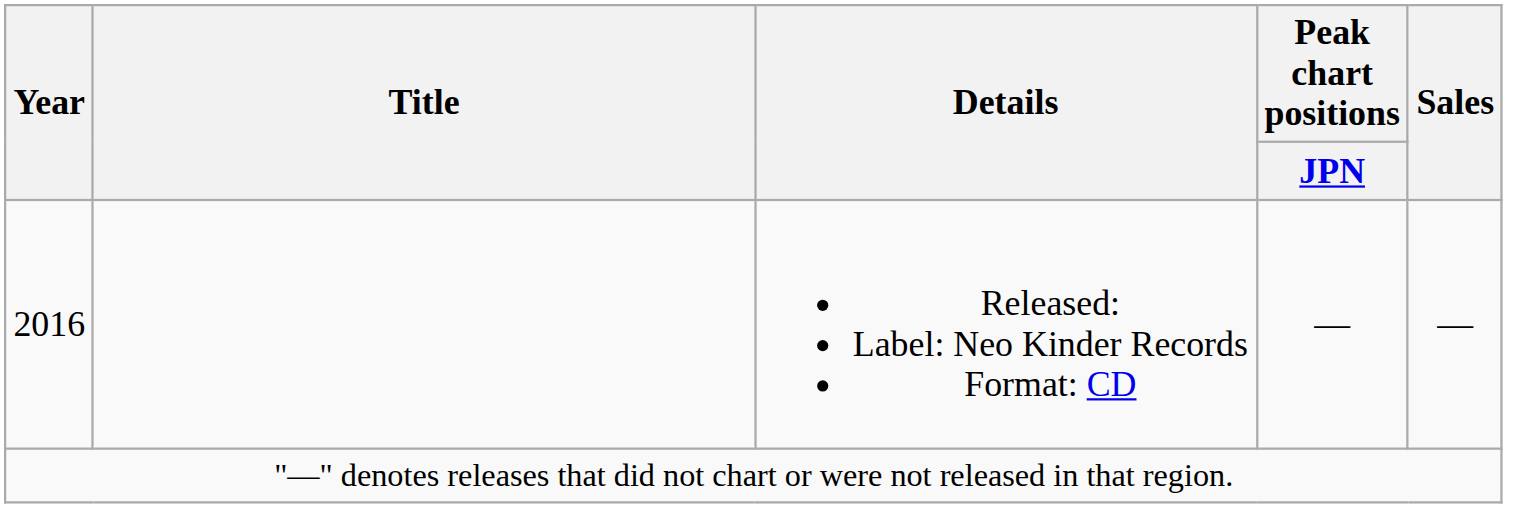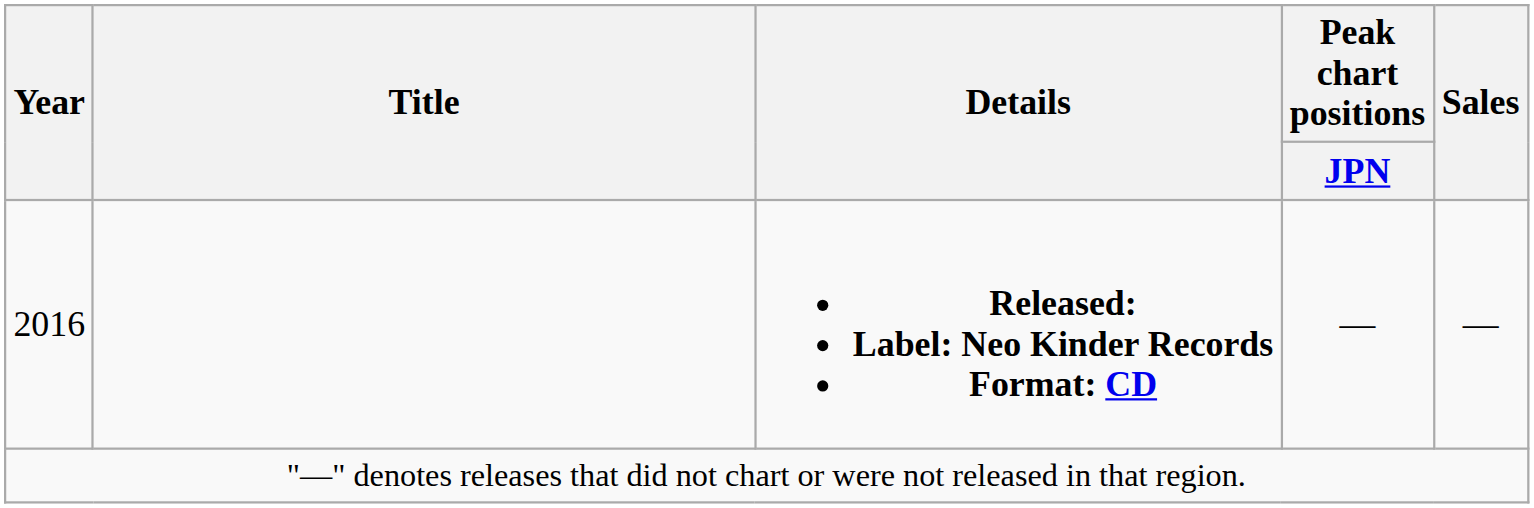 <table class="wikitable plainrowheaders" style="text-align:center;">
 <tr>
 <th rowspan="2">Year</th>
 <th rowspan="2" style="width:18em;">Title</th>
 <th rowspan="2">Details</th>
 <th colspan="1">Peak chart positions</th>
 <th rowspan="2">Sales</th>
 </tr>
 <tr>
 <th width="30"><a href='#'>JPN</a></th>
 </tr>
 <tr>
 <td>2016</td>
 <td><strong></strong></td>
-<td><br><ul><li>Released: </li><li>Label: Neo Kinder Records</li><li>Format: <a href='#'>CD</a></li></ul></td>
+<td><strong><br><ul><li>Released: </li><li>Label: Neo Kinder Records</li><li>Format: <a href='#'>CD</a></li></ul></strong></td>
 <td>—</td>
 <td>—</td>
 </tr>
 <tr>
 <td colspan="5" style="font-size:90%;">"—" denotes releases that did not chart or were not released in that region.</td>
 </tr>
 </table>
